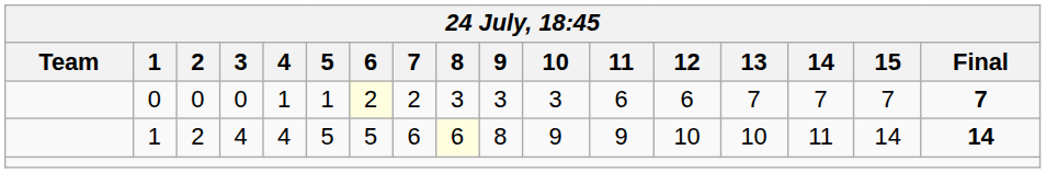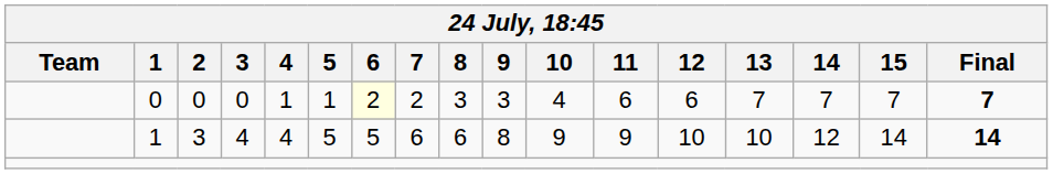 <table class=wikitable style="text-align:center; width: 55%">
 <tr>
 <th colspan=17><em>24 July, 18:45</em></th>
 </tr>
 <tr>
 <th>Team</th>
 <th>1</th>
 <th>2</th>
 <th>3</th>
 <th>4</th>
 <th>5</th>
 <th>6</th>
 <th>7</th>
 <th>8</th>
 <th>9</th>
 <th>10</th>
 <th>11</th>
 <th>12</th>
 <th>13</th>
 <th>14</th>
 <th>15</th>
 <th>Final</th>
 </tr>
 <tr>
 <td align=left></td>
 <td>0</td>
 <td>0</td>
 <td>0</td>
 <td>1</td>
 <td>1</td>
 <td style="background: lightyellow;">2</td>
 <td>2</td>
 <td>3</td>
 <td>3</td>
-<td>3</td>
+<td>4</td>
 <td>6</td>
 <td>6</td>
 <td>7</td>
 <td>7</td>
 <td>7</td>
 <td><strong>7</strong></td>
 </tr>
 <tr>
 <td align=left><strong></strong></td>
 <td>1</td>
-<td>2</td>
+<td>3</td>
 <td>4</td>
 <td>4</td>
 <td>5</td>
 <td>5</td>
 <td>6</td>
-<td style="background: lightyellow;">6</td>
+<td>6</td>
 <td>8</td>
 <td>9</td>
 <td>9</td>
 <td>10</td>
 <td>10</td>
-<td>11</td>
+<td>12</td>
 <td>14</td>
 <td><strong>14</strong></td>
 </tr>
 <tr>
 <td colspan=17></td>
 </tr>
 </table>
